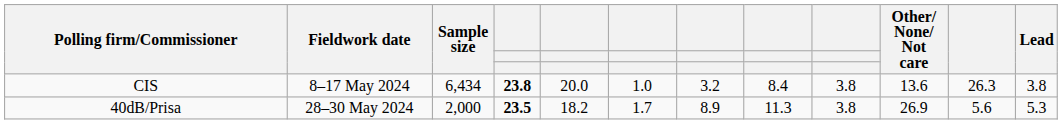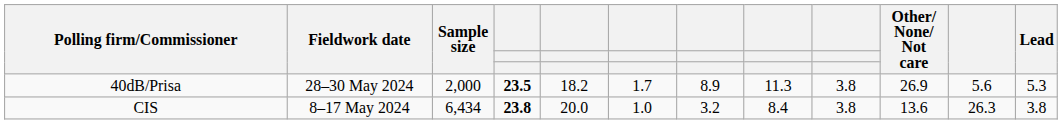 <table class="wikitable collapsible collapsed" style="text-align:center; font-size:90%; line-height:14px;">
 <tr style="height:42px;">
 <th style="width:250px;" rowspan="3">Polling firm/Commissioner</th>
 <th style="width:125px;" rowspan="3">Fieldwork date</th>
 <th style="width:50px;" rowspan="3">Sample size</th>
 <th style="width:35px;"></th>
 <th style="width:55px;"></th>
 <th style="width:55px;"></th>
 <th style="width:55px;"></th>
 <th style="width:55px;"></th>
 <th style="width:55px;"></th>
 <th style="width:55px;" rowspan="3">Other/<br>None/<br>Not<br>care</th>
 <th style="width:55px;" rowspan="3"></th>
 <th style="width:30px;" rowspan="3">Lead</th>
 </tr>
 <tr>
 <th style="color:inherit;background:"></th>
 <th style="color:inherit;background:"></th>
 <th style="color:inherit;background:"></th>
 <th style="color:inherit;background:"></th>
 <th style="color:inherit;background:"></th>
 <th style="color:inherit;background:"></th>
 </tr>
 <tr>
 <th></th>
 <th></th>
 <th></th>
 <th></th>
 <th></th>
 <th></th>
 </tr>
 <tr>
+<td>40dB/Prisa</td>
+<td>28–30 May 2024</td>
+<td>2,000</td>
+<td><strong>23.5</strong></td>
+<td>18.2</td>
+<td>1.7</td>
+<td>8.9</td>
+<td>11.3</td>
+<td>3.8</td>
+<td>26.9</td>
+<td>5.6</td>
+<td style="background:">5.3</td>
+</tr>
+<tr>
 <td>CIS</td>
 <td>8–17 May 2024</td>
 <td>6,434</td>
 <td><strong>23.8</strong></td>
 <td>20.0</td>
 <td>1.0</td>
 <td>3.2</td>
 <td>8.4</td>
 <td>3.8</td>
 <td>13.6</td>
 <td>26.3</td>
 <td style="background:">3.8</td>
 </tr>
-<tr>
-<td>40dB/Prisa</td>
-<td>28–30 May 2024</td>
-<td>2,000</td>
-<td><strong>23.5</strong></td>
-<td>18.2</td>
-<td>1.7</td>
-<td>8.9</td>
-<td>11.3</td>
-<td>3.8</td>
-<td>26.9</td>
-<td>5.6</td>
-<td style="background:">5.3</td>
-</tr>
 </table>
